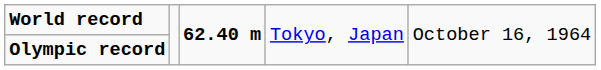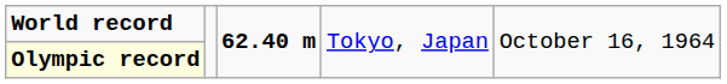 <table class="wikitable">
 <tr>
 <td><strong>World record</strong></td>
 <td rowspan=2></td>
 <td rowspan=2><strong>62.40 m</strong></td>
 <td rowspan=2><a href='#'>Tokyo</a>, <a href='#'>Japan</a></td>
 <td rowspan=2>October 16, 1964</td>
 </tr>
 <tr>
-<td><strong>Olympic record</strong></td>
+<td style="background: lightyellow;"><strong>Olympic record</strong></td>
 </tr>
 </table>
